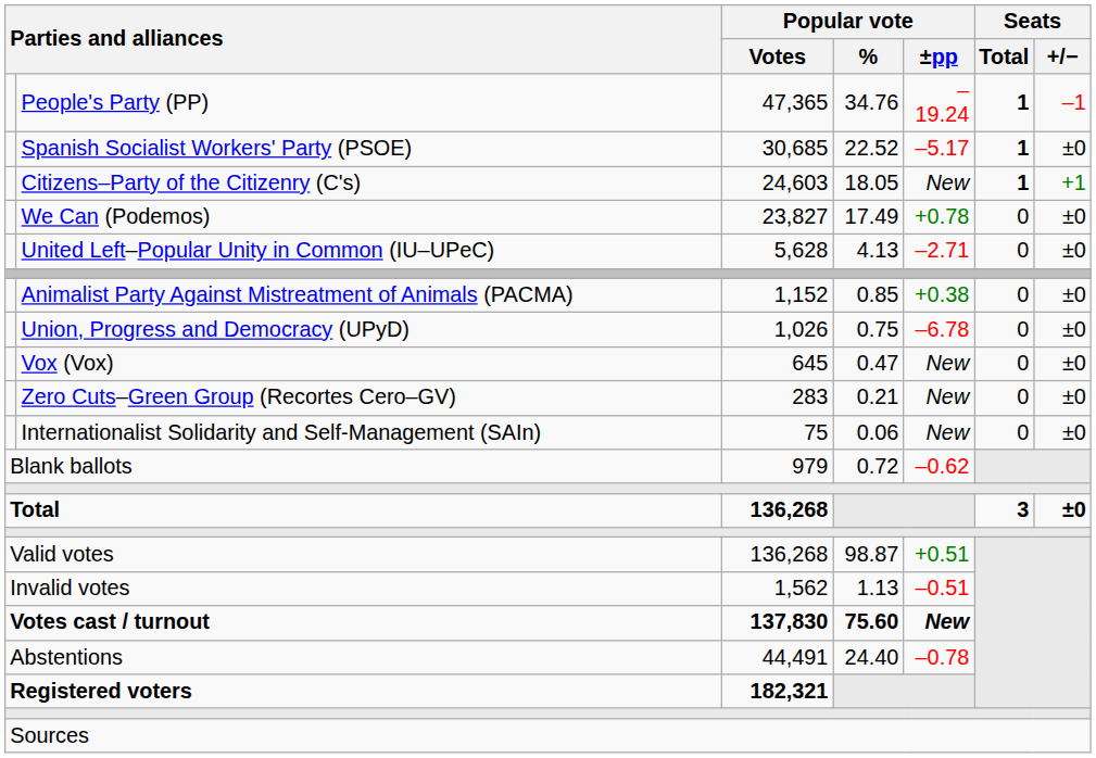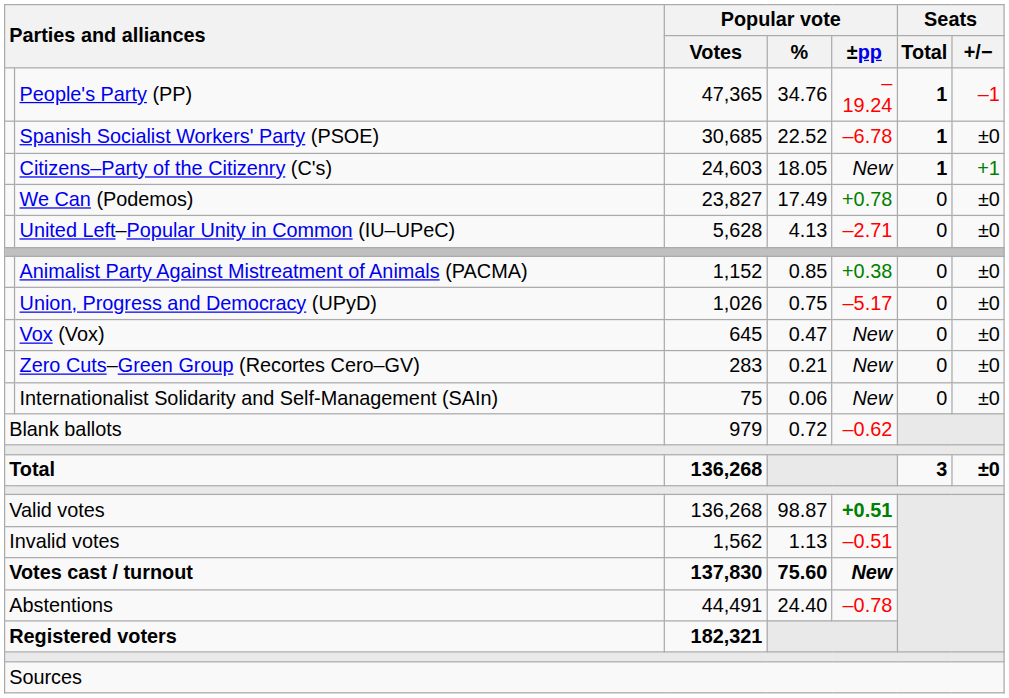 <table class="wikitable" style="text-align:right;">
 <tr>
 <th style="text-align:left;" rowspan="2" colspan="2" width="525">Parties and alliances</th>
 <th colspan="3">Popular vote</th>
 <th colspan="2">Seats</th>
 </tr>
 <tr>
 <th width="75">Votes</th>
 <th width="45">%</th>
 <th width="45">±<a href='#'>pp</a></th>
 <th width="35">Total</th>
 <th width="35">+/−</th>
 </tr>
 <tr>
 <td width="1" style="color:inherit;background:"></td>
 <td align="left"><a href='#'>People's Party</a> (PP)</td>
 <td>47,365</td>
 <td>34.76</td>
 <td style="color:red;">–19.24</td>
 <td><strong>1</strong></td>
 <td style="color:red;">–1</td>
 </tr>
 <tr>
 <td style="color:inherit;background:"></td>
 <td align="left"><a href='#'>Spanish Socialist Workers' Party</a> (PSOE)</td>
 <td>30,685</td>
 <td>22.52</td>
-<td style="color:red;">–5.17</td>
+<td style="color:red;">–6.78</td>
 <td><strong>1</strong></td>
 <td>±0</td>
 </tr>
 <tr>
 <td style="color:inherit;background:"></td>
 <td align="left"><a href='#'>Citizens–Party of the Citizenry</a> (C's)</td>
 <td>24,603</td>
 <td>18.05</td>
 <td><em>New</em></td>
 <td><strong>1</strong></td>
 <td style="color:green;">+1</td>
 </tr>
 <tr>
 <td style="color:inherit;background:"></td>
 <td align="left"><a href='#'>We Can</a> (Podemos)</td>
 <td>23,827</td>
 <td>17.49</td>
 <td style="color:green;">+0.78</td>
 <td>0</td>
 <td>±0</td>
 </tr>
 <tr>
 <td style="color:inherit;background:"></td>
 <td align="left"><a href='#'>United Left</a>–<a href='#'>Popular Unity in Common</a> (IU–UPeC)</td>
 <td>5,628</td>
 <td>4.13</td>
 <td style="color:red;">–2.71</td>
 <td>0</td>
 <td>±0</td>
 </tr>
 <tr>
 <td colspan="7" bgcolor="#C0C0C0"></td>
 </tr>
 <tr>
 <td style="color:inherit;background:"></td>
 <td align="left"><a href='#'>Animalist Party Against Mistreatment of Animals</a> (PACMA)</td>
 <td>1,152</td>
 <td>0.85</td>
 <td style="color:green;">+0.38</td>
 <td>0</td>
 <td>±0</td>
 </tr>
 <tr>
 <td style="color:inherit;background:"></td>
 <td align="left"><a href='#'>Union, Progress and Democracy</a> (UPyD)</td>
 <td>1,026</td>
 <td>0.75</td>
-<td style="color:red;">–6.78</td>
+<td style="color:red;">–5.17</td>
 <td>0</td>
 <td>±0</td>
 </tr>
 <tr>
 <td style="color:inherit;background:"></td>
 <td align="left"><a href='#'>Vox</a> (Vox)</td>
 <td>645</td>
 <td>0.47</td>
 <td><em>New</em></td>
 <td>0</td>
 <td>±0</td>
 </tr>
 <tr>
 <td style="color:inherit;background:"></td>
 <td align="left"><a href='#'>Zero Cuts</a>–<a href='#'>Green Group</a> (Recortes Cero–GV)</td>
 <td>283</td>
 <td>0.21</td>
 <td><em>New</em></td>
 <td>0</td>
 <td>±0</td>
 </tr>
 <tr>
 <td style="color:inherit;background:"></td>
 <td align="left">Internationalist Solidarity and Self-Management (SAIn)</td>
 <td>75</td>
 <td>0.06</td>
 <td><em>New</em></td>
 <td>0</td>
 <td>±0</td>
 </tr>
 <tr>
 <td align="left" colspan="2">Blank ballots</td>
 <td>979</td>
 <td>0.72</td>
 <td style="color:red;">–0.62</td>
 <td bgcolor="#E9E9E9" colspan="2"></td>
 </tr>
 <tr>
 <td colspan="7" bgcolor="#E9E9E9"></td>
 </tr>
 <tr style="font-weight:bold;">
 <td align="left" colspan="2">Total</td>
 <td>136,268</td>
 <td bgcolor="#E9E9E9" colspan="2"></td>
 <td>3</td>
 <td>±0</td>
 </tr>
 <tr>
 <td colspan="7" bgcolor="#E9E9E9"></td>
 </tr>
 <tr>
 <td align="left" colspan="2">Valid votes</td>
 <td>136,268</td>
 <td>98.87</td>
-<td style="color:green;">+0.51</td>
+<td style="color:green;"><strong>+0.51</strong></td>
 <td bgcolor="#E9E9E9" colspan="2" rowspan="5"></td>
 </tr>
 <tr>
 <td align="left" colspan="2">Invalid votes</td>
 <td>1,562</td>
 <td>1.13</td>
 <td style="color:red;">–0.51</td>
 </tr>
 <tr style="font-weight:bold;">
 <td align="left" colspan="2">Votes cast / turnout</td>
 <td>137,830</td>
 <td>75.60</td>
 <td><em>New</em></td>
 </tr>
 <tr>
 <td align="left" colspan="2">Abstentions</td>
 <td>44,491</td>
 <td>24.40</td>
 <td style="color:red;">–0.78</td>
 </tr>
 <tr style="font-weight:bold;">
 <td align="left" colspan="2">Registered voters</td>
 <td>182,321</td>
 <td bgcolor="#E9E9E9" colspan="2"></td>
 </tr>
 <tr>
 <td colspan="7" bgcolor="#E9E9E9"></td>
 </tr>
 <tr>
 <td align="left" colspan="7">Sources</td>
 </tr>
 </table>
